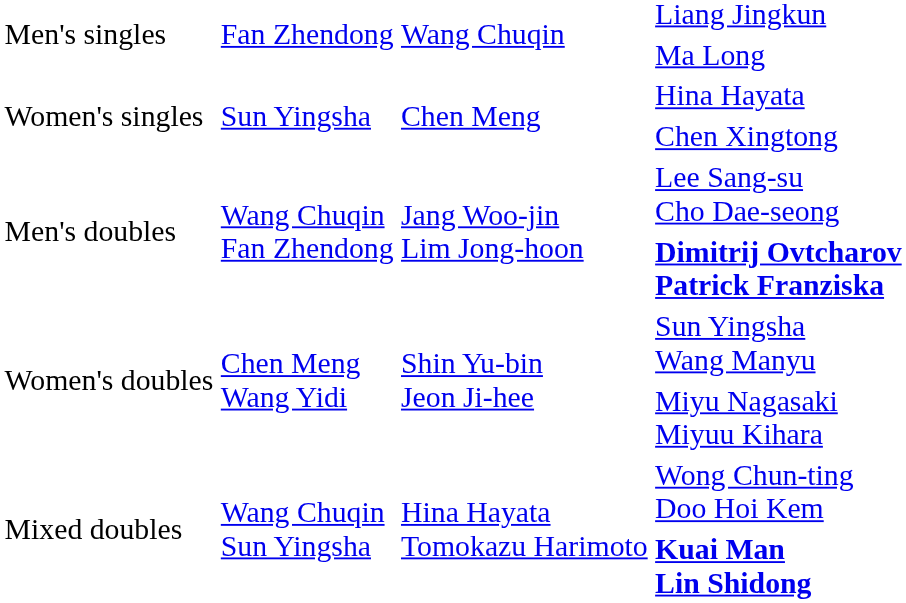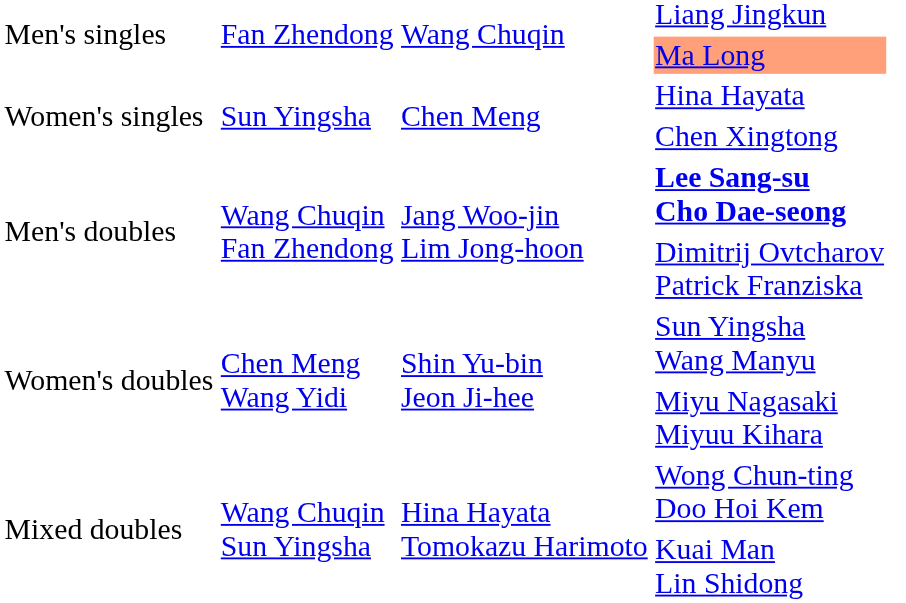 <table>
 <tr>
 <td rowspan=2>Men's singles <br></td>
 <td rowspan=2> <a href='#'>Fan Zhendong</a></td>
 <td rowspan=2> <a href='#'>Wang Chuqin</a></td>
 <td> <a href='#'>Liang Jingkun</a></td>
 </tr>
 <tr>
-<td> <a href='#'>Ma Long</a></td>
+<td style="background: lightsalmon;"> <a href='#'>Ma Long</a></td>
 </tr>
 <tr>
 <td rowspan=2>Women's singles <br></td>
 <td rowspan=2> <a href='#'>Sun Yingsha</a></td>
 <td rowspan=2> <a href='#'>Chen Meng</a></td>
 <td> <a href='#'>Hina Hayata</a></td>
 </tr>
 <tr>
 <td> <a href='#'>Chen Xingtong</a></td>
 </tr>
 <tr>
 <td rowspan=2>Men's doubles <br></td>
 <td rowspan=2> <a href='#'>Wang Chuqin</a><br> <a href='#'>Fan Zhendong</a></td>
 <td rowspan=2> <a href='#'>Jang Woo-jin</a><br> <a href='#'>Lim Jong-hoon</a></td>
-<td> <a href='#'>Lee Sang-su</a><br> <a href='#'>Cho Dae-seong</a></td>
+<td><strong> <a href='#'>Lee Sang-su</a><br> <a href='#'>Cho Dae-seong</a></strong></td>
 </tr>
 <tr>
-<td><strong> <a href='#'>Dimitrij Ovtcharov</a><br> <a href='#'>Patrick Franziska</a></strong></td>
+<td> <a href='#'>Dimitrij Ovtcharov</a><br> <a href='#'>Patrick Franziska</a></td>
 </tr>
 <tr>
 <td rowspan=2>Women's doubles <br></td>
 <td rowspan=2> <a href='#'>Chen Meng</a><br> <a href='#'>Wang Yidi</a></td>
 <td rowspan=2> <a href='#'>Shin Yu-bin</a><br> <a href='#'>Jeon Ji-hee</a></td>
 <td> <a href='#'>Sun Yingsha</a><br> <a href='#'>Wang Manyu</a></td>
 </tr>
 <tr>
 <td> <a href='#'>Miyu Nagasaki</a><br> <a href='#'>Miyuu Kihara</a></td>
 </tr>
 <tr>
 <td rowspan=2>Mixed doubles <br></td>
 <td rowspan=2> <a href='#'>Wang Chuqin</a><br> <a href='#'>Sun Yingsha</a></td>
 <td rowspan=2> <a href='#'>Hina Hayata</a><br> <a href='#'>Tomokazu Harimoto</a></td>
 <td> <a href='#'>Wong Chun-ting</a><br> <a href='#'>Doo Hoi Kem</a></td>
 </tr>
 <tr>
-<td><strong> <a href='#'>Kuai Man</a><br> <a href='#'>Lin Shidong</a></strong></td>
+<td> <a href='#'>Kuai Man</a><br> <a href='#'>Lin Shidong</a></td>
 </tr>
 </table>
